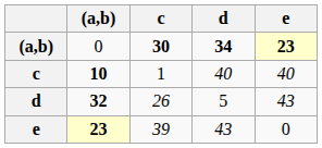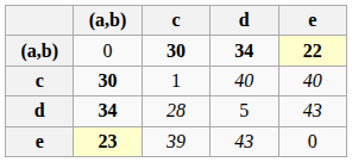 <table class="wikitable" style="text-align: center">
 <tr>
 <th style="width: 50px;"></th>
 <th style="width: 50px;">(a,b)</th>
 <th style="width: 50px;">c</th>
 <th style="width: 50px;">d</th>
 <th style="width: 50px;">e</th>
 </tr>
 <tr>
 <th>(a,b)</th>
 <td>0</td>
 <td><strong>30</strong></td>
 <td><strong>34</strong></td>
-<td style=background:#ffffcc;><strong>23</strong></td>
+<td style=background:#ffffcc;><strong>22</strong></td>
 </tr>
 <tr>
 <th>c</th>
-<td><strong>10</strong></td>
+<td><strong>30</strong></td>
 <td>1</td>
 <td><em>40</em></td>
 <td><em>40</em></td>
 </tr>
 <tr>
 <th>d</th>
-<td><strong>32</strong></td>
-<td><em>26</em></td>
+<td><strong>34</strong></td>
+<td><em>28</em></td>
 <td>5</td>
 <td><em>43</em></td>
 </tr>
 <tr>
 <th>e</th>
 <td style=background:#ffffcc;><strong>23</strong></td>
 <td><em>39</em></td>
 <td><em>43</em></td>
 <td>0</td>
 </tr>
 </table>
